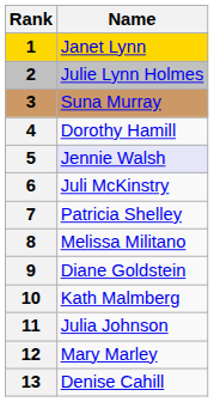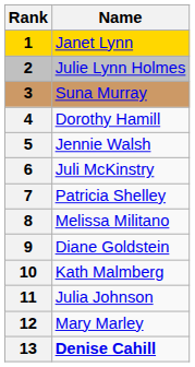 <table class="wikitable">
 <tr>
 <th>Rank</th>
 <th>Name</th>
 </tr>
 <tr bgcolor="gold">
 <td align="center"><strong>1</strong></td>
 <td><a href='#'>Janet Lynn</a></td>
 </tr>
 <tr bgcolor="silver">
 <td align="center"><strong>2</strong></td>
 <td><a href='#'>Julie Lynn Holmes</a></td>
 </tr>
 <tr bgcolor="cc9966">
 <td align="center"><strong>3</strong></td>
 <td><a href='#'>Suna Murray</a></td>
 </tr>
 <tr>
 <th>4</th>
 <td><a href='#'>Dorothy Hamill</a></td>
 </tr>
 <tr>
 <th>5</th>
-<td style="background: lavender;"><a href='#'>Jennie Walsh</a></td>
+<td><a href='#'>Jennie Walsh</a></td>
 </tr>
 <tr>
 <th>6</th>
 <td><a href='#'>Juli McKinstry</a></td>
 </tr>
 <tr>
 <th>7</th>
 <td><a href='#'>Patricia Shelley</a></td>
 </tr>
 <tr>
 <th>8</th>
 <td><a href='#'>Melissa Militano</a></td>
 </tr>
 <tr>
 <th>9</th>
 <td><a href='#'>Diane Goldstein</a></td>
 </tr>
 <tr>
 <th>10</th>
 <td><a href='#'>Kath Malmberg</a></td>
 </tr>
 <tr>
 <th>11</th>
 <td><a href='#'>Julia Johnson</a></td>
 </tr>
 <tr>
 <th>12</th>
 <td><a href='#'>Mary Marley</a></td>
 </tr>
 <tr>
 <th>13</th>
-<td><a href='#'>Denise Cahill</a></td>
+<td><strong><a href='#'>Denise Cahill</a></strong></td>
 </tr>
 </table>
